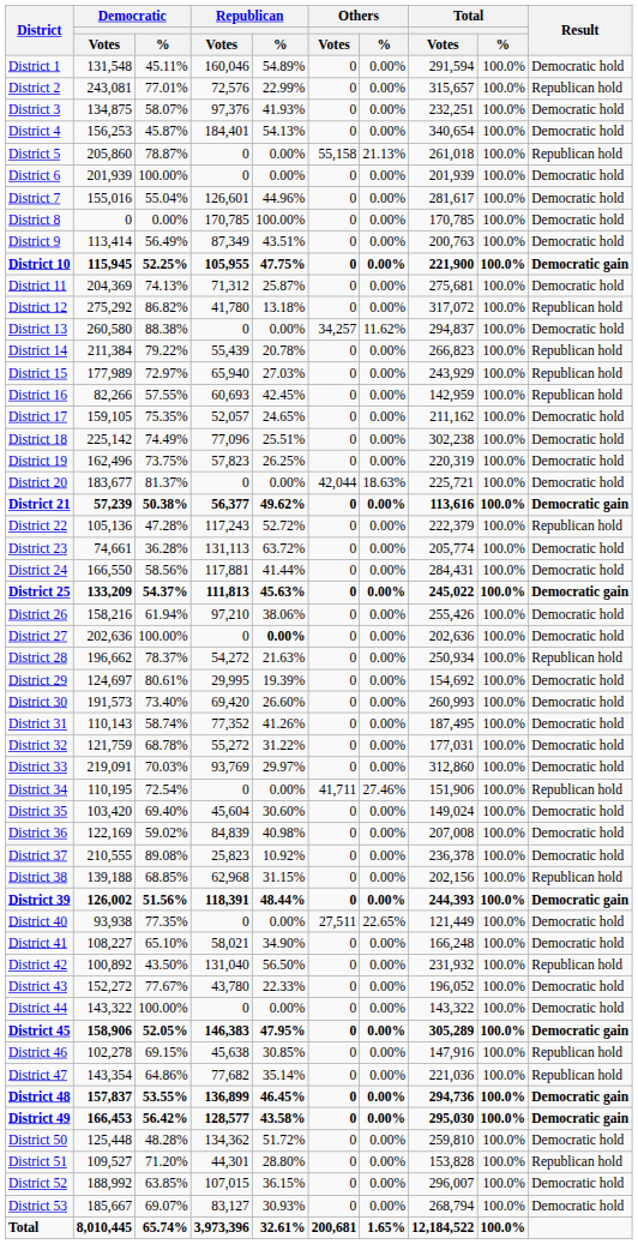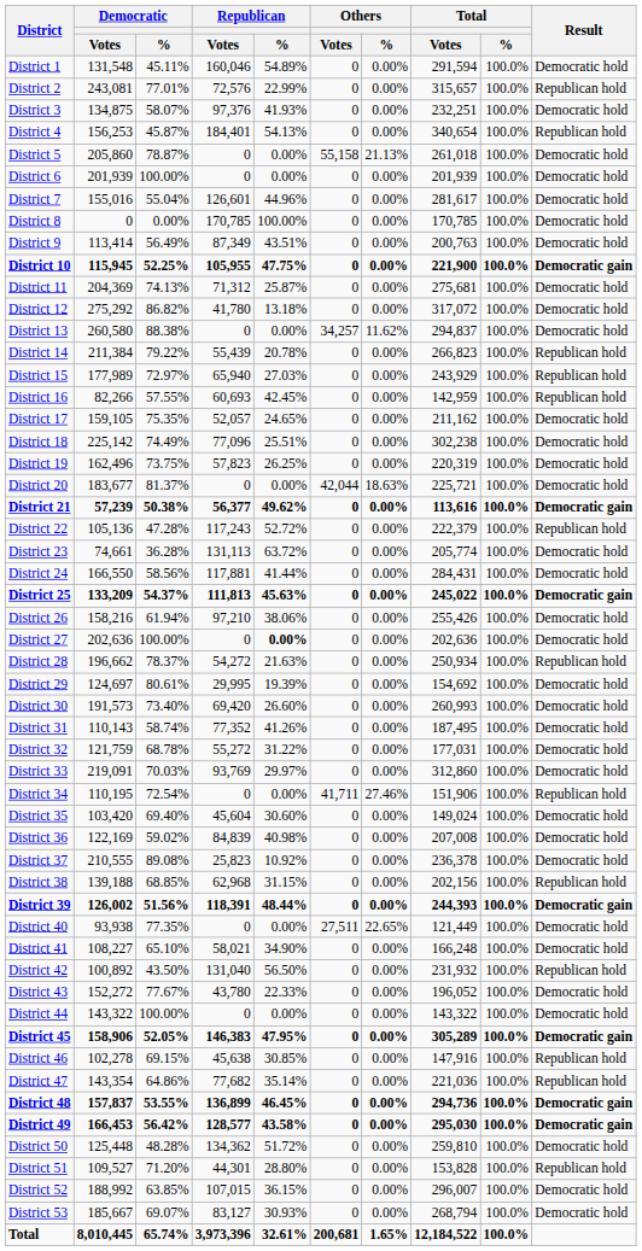 <table class="wikitable plainrowheaders sortable" style="font-size:100%; text-align:right;">
 <tr>
 <th scope=col rowspan=3><a href='#'>District</a></th>
 <th scope=col colspan=2><a href='#'>Democratic</a></th>
 <th scope=col colspan=2><a href='#'>Republican</a></th>
 <th scope=col colspan=2>Others</th>
 <th scope=col colspan=2>Total</th>
 <th scope=col rowspan=3>Result</th>
 </tr>
 <tr>
 <th scope=col colspan=2 style="background:"></th>
 <th scope=col colspan=2 style="background:"></th>
 <th ! scope=col colspan=2></th>
 <th scope=col colspan=2></th>
 </tr>
 <tr>
 <th scope=col data-sort-type="number">Votes</th>
 <th scope=col data-sort-type="number">%</th>
 <th scope=col data-sort-type="number">Votes</th>
 <th scope=col data-sort-type="number">%</th>
 <th scope=col data-sort-type="number">Votes</th>
 <th scope=col data-sort-type="number">%</th>
 <th scope=col data-sort-type="number">Votes</th>
 <th scope=col data-sort-type="number">%</th>
 </tr>
 <tr style="background-color:">
 <td style="text-align:left"><a href='#'>District 1</a></td>
 <td>131,548</td>
 <td>45.11%</td>
 <td>160,046</td>
 <td>54.89%</td>
 <td>0</td>
 <td>0.00%</td>
 <td>291,594</td>
 <td>100.0%</td>
 <td style="text-align:left">Democratic hold</td>
 </tr>
 <tr style="background-color:">
 <td style="text-align:left"><a href='#'>District 2</a></td>
 <td>243,081</td>
 <td>77.01%</td>
 <td>72,576</td>
 <td>22.99%</td>
 <td>0</td>
 <td>0.00%</td>
 <td>315,657</td>
 <td>100.0%</td>
 <td style="text-align:left">Republican hold</td>
 </tr>
 <tr style="background-color:">
 <td style="text-align:left"><a href='#'>District 3</a></td>
 <td>134,875</td>
 <td>58.07%</td>
 <td>97,376</td>
 <td>41.93%</td>
 <td>0</td>
 <td>0.00%</td>
 <td>232,251</td>
 <td>100.0%</td>
 <td style="text-align:left">Democratic hold</td>
 </tr>
 <tr style="background-color:">
 <td style="text-align:left"><a href='#'>District 4</a></td>
 <td>156,253</td>
 <td>45.87%</td>
 <td>184,401</td>
 <td>54.13%</td>
 <td>0</td>
 <td>0.00%</td>
 <td>340,654</td>
 <td>100.0%</td>
-<td style="text-align:left">Democratic hold</td>
+<td style="text-align:left">Republican hold</td>
 </tr>
 <tr style="background-color:">
 <td style="text-align:left"><a href='#'>District 5</a></td>
 <td>205,860</td>
 <td>78.87%</td>
 <td>0</td>
 <td>0.00%</td>
 <td>55,158</td>
 <td>21.13%</td>
 <td>261,018</td>
 <td>100.0%</td>
-<td style="text-align:left">Republican hold</td>
+<td style="text-align:left">Democratic hold</td>
 </tr>
 <tr style="background-color:">
 <td style="text-align:left"><a href='#'>District 6</a></td>
 <td>201,939</td>
 <td>100.00%</td>
 <td>0</td>
 <td>0.00%</td>
 <td>0</td>
 <td>0.00%</td>
 <td>201,939</td>
 <td>100.0%</td>
 <td style="text-align:left">Democratic hold</td>
 </tr>
 <tr style="background-color:">
 <td style="text-align:left"><a href='#'>District 7</a></td>
 <td>155,016</td>
 <td>55.04%</td>
 <td>126,601</td>
 <td>44.96%</td>
 <td>0</td>
 <td>0.00%</td>
 <td>281,617</td>
 <td>100.0%</td>
 <td style="text-align:left">Democratic hold</td>
 </tr>
 <tr style="background-color:">
 <td style="text-align:left"><a href='#'>District 8</a></td>
 <td>0</td>
 <td>0.00%</td>
 <td>170,785</td>
 <td>100.00%</td>
 <td>0</td>
 <td>0.00%</td>
 <td>170,785</td>
 <td>100.0%</td>
 <td style="text-align:left">Democratic hold</td>
 </tr>
 <tr style="background-color:">
 <td style="text-align:left"><a href='#'>District 9</a></td>
 <td>113,414</td>
 <td>56.49%</td>
 <td>87,349</td>
 <td>43.51%</td>
 <td>0</td>
 <td>0.00%</td>
 <td>200,763</td>
 <td>100.0%</td>
 <td style="text-align:left">Democratic hold</td>
 </tr>
 <tr style="background-color:">
 <td style="text-align:left"><strong><a href='#'>District 10</a></strong></td>
 <td><strong>115,945</strong></td>
 <td><strong>52.25%</strong></td>
 <td><strong>105,955</strong></td>
 <td><strong>47.75%</strong></td>
 <td><strong>0</strong></td>
 <td><strong>0.00%</strong></td>
 <td><strong>221,900</strong></td>
 <td><strong>100.0%</strong></td>
 <td style="text-align:left"><strong>Democratic gain</strong></td>
 </tr>
 <tr style="background-color:">
 <td style="text-align:left"><a href='#'>District 11</a></td>
 <td>204,369</td>
 <td>74.13%</td>
 <td>71,312</td>
 <td>25.87%</td>
 <td>0</td>
 <td>0.00%</td>
 <td>275,681</td>
 <td>100.0%</td>
 <td style="text-align:left">Democratic hold</td>
 </tr>
 <tr style="background-color:">
 <td style="text-align:left"><a href='#'>District 12</a></td>
 <td>275,292</td>
 <td>86.82%</td>
 <td>41,780</td>
 <td>13.18%</td>
 <td>0</td>
 <td>0.00%</td>
 <td>317,072</td>
 <td>100.0%</td>
-<td style="text-align:left">Republican hold</td>
+<td style="text-align:left">Democratic hold</td>
 </tr>
 <tr style="background-color:">
 <td style="text-align:left"><a href='#'>District 13</a></td>
 <td>260,580</td>
 <td>88.38%</td>
 <td>0</td>
 <td>0.00%</td>
 <td>34,257</td>
 <td>11.62%</td>
 <td>294,837</td>
 <td>100.0%</td>
 <td style="text-align:left">Democratic hold</td>
 </tr>
 <tr style="background-color:">
 <td style="text-align:left"><a href='#'>District 14</a></td>
 <td>211,384</td>
 <td>79.22%</td>
 <td>55,439</td>
 <td>20.78%</td>
 <td>0</td>
 <td>0.00%</td>
 <td>266,823</td>
 <td>100.0%</td>
 <td style="text-align:left">Republican hold</td>
 </tr>
 <tr style="background-color:">
 <td style="text-align:left"><a href='#'>District 15</a></td>
 <td>177,989</td>
 <td>72.97%</td>
 <td>65,940</td>
 <td>27.03%</td>
 <td>0</td>
 <td>0.00%</td>
 <td>243,929</td>
 <td>100.0%</td>
 <td style="text-align:left">Republican hold</td>
 </tr>
 <tr style="background-color:">
 <td style="text-align:left"><a href='#'>District 16</a></td>
 <td>82,266</td>
 <td>57.55%</td>
 <td>60,693</td>
 <td>42.45%</td>
 <td>0</td>
 <td>0.00%</td>
 <td>142,959</td>
 <td>100.0%</td>
 <td style="text-align:left">Republican hold</td>
 </tr>
 <tr style="background-color:">
 <td style="text-align:left"><a href='#'>District 17</a></td>
 <td>159,105</td>
 <td>75.35%</td>
 <td>52,057</td>
 <td>24.65%</td>
 <td>0</td>
 <td>0.00%</td>
 <td>211,162</td>
 <td>100.0%</td>
 <td style="text-align:left">Democratic hold</td>
 </tr>
 <tr style="background-color:">
 <td style="text-align:left"><a href='#'>District 18</a></td>
 <td>225,142</td>
 <td>74.49%</td>
 <td>77,096</td>
 <td>25.51%</td>
 <td>0</td>
 <td>0.00%</td>
 <td>302,238</td>
 <td>100.0%</td>
 <td style="text-align:left">Democratic hold</td>
 </tr>
 <tr style="background-color:">
 <td style="text-align:left"><a href='#'>District 19</a></td>
 <td>162,496</td>
 <td>73.75%</td>
 <td>57,823</td>
 <td>26.25%</td>
 <td>0</td>
 <td>0.00%</td>
 <td>220,319</td>
 <td>100.0%</td>
 <td style="text-align:left">Democratic hold</td>
 </tr>
 <tr style="background-color:">
 <td style="text-align:left"><a href='#'>District 20</a></td>
 <td>183,677</td>
 <td>81.37%</td>
 <td>0</td>
 <td>0.00%</td>
 <td>42,044</td>
 <td>18.63%</td>
 <td>225,721</td>
 <td>100.0%</td>
 <td style="text-align:left">Democratic hold</td>
 </tr>
 <tr style="background-color:">
 <td style="text-align:left"><strong><a href='#'>District 21</a></strong></td>
 <td><strong>57,239</strong></td>
 <td><strong>50.38%</strong></td>
 <td><strong>56,377</strong></td>
 <td><strong>49.62%</strong></td>
 <td><strong>0</strong></td>
 <td><strong>0.00%</strong></td>
 <td><strong>113,616</strong></td>
 <td><strong>100.0%</strong></td>
 <td style="text-align:left"><strong>Democratic gain</strong></td>
 </tr>
 <tr style="background-color:">
 <td style="text-align:left"><a href='#'>District 22</a></td>
 <td>105,136</td>
 <td>47.28%</td>
 <td>117,243</td>
 <td>52.72%</td>
 <td>0</td>
 <td>0.00%</td>
 <td>222,379</td>
 <td>100.0%</td>
 <td style="text-align:left">Republican hold</td>
 </tr>
 <tr style="background-color:">
 <td style="text-align:left"><a href='#'>District 23</a></td>
 <td>74,661</td>
 <td>36.28%</td>
 <td>131,113</td>
 <td>63.72%</td>
 <td>0</td>
 <td>0.00%</td>
 <td>205,774</td>
 <td>100.0%</td>
 <td style="text-align:left">Democratic hold</td>
 </tr>
 <tr style="background-color:">
 <td style="text-align:left"><a href='#'>District 24</a></td>
 <td>166,550</td>
 <td>58.56%</td>
 <td>117,881</td>
 <td>41.44%</td>
 <td>0</td>
 <td>0.00%</td>
 <td>284,431</td>
 <td>100.0%</td>
 <td style="text-align:left">Democratic hold</td>
 </tr>
 <tr style="background-color:">
 <td style="text-align:left"><strong><a href='#'>District 25</a></strong></td>
 <td><strong>133,209</strong></td>
 <td><strong>54.37%</strong></td>
 <td><strong>111,813</strong></td>
 <td><strong>45.63%</strong></td>
 <td><strong>0</strong></td>
 <td><strong>0.00%</strong></td>
 <td><strong>245,022</strong></td>
 <td><strong>100.0%</strong></td>
 <td style="text-align:left"><strong>Democratic gain</strong></td>
 </tr>
 <tr style="background-color:">
 <td style="text-align:left"><a href='#'>District 26</a></td>
 <td>158,216</td>
 <td>61.94%</td>
 <td>97,210</td>
 <td>38.06%</td>
 <td>0</td>
 <td>0.00%</td>
 <td>255,426</td>
 <td>100.0%</td>
 <td style="text-align:left">Democratic hold</td>
 </tr>
 <tr style="background-color:">
 <td style="text-align:left"><a href='#'>District 27</a></td>
 <td>202,636</td>
 <td>100.00%</td>
 <td>0</td>
 <td><strong>0.00%</strong></td>
 <td>0</td>
 <td>0.00%</td>
 <td>202,636</td>
 <td>100.0%</td>
 <td style="text-align:left">Democratic hold</td>
 </tr>
 <tr style="background-color:">
 <td style="text-align:left"><a href='#'>District 28</a></td>
 <td>196,662</td>
 <td>78.37%</td>
 <td>54,272</td>
 <td>21.63%</td>
 <td>0</td>
 <td>0.00%</td>
 <td>250,934</td>
 <td>100.0%</td>
 <td style="text-align:left">Republican hold</td>
 </tr>
 <tr style="background-color:">
 <td style="text-align:left"><a href='#'>District 29</a></td>
 <td>124,697</td>
 <td>80.61%</td>
 <td>29,995</td>
 <td>19.39%</td>
 <td>0</td>
 <td>0.00%</td>
 <td>154,692</td>
 <td>100.0%</td>
 <td style="text-align:left">Democratic hold</td>
 </tr>
 <tr style="background-color:">
 <td style="text-align:left"><a href='#'>District 30</a></td>
 <td>191,573</td>
 <td>73.40%</td>
 <td>69,420</td>
 <td>26.60%</td>
 <td>0</td>
 <td>0.00%</td>
 <td>260,993</td>
 <td>100.0%</td>
 <td style="text-align:left">Democratic hold</td>
 </tr>
 <tr style="background-color:">
 <td style="text-align:left"><a href='#'>District 31</a></td>
 <td>110,143</td>
 <td>58.74%</td>
 <td>77,352</td>
 <td>41.26%</td>
 <td>0</td>
 <td>0.00%</td>
 <td>187,495</td>
 <td>100.0%</td>
 <td style="text-align:left">Democratic hold</td>
 </tr>
 <tr style="background-color:">
 <td style="text-align:left"><a href='#'>District 32</a></td>
 <td>121,759</td>
 <td>68.78%</td>
 <td>55,272</td>
 <td>31.22%</td>
 <td>0</td>
 <td>0.00%</td>
 <td>177,031</td>
 <td>100.0%</td>
 <td style="text-align:left">Democratic hold</td>
 </tr>
 <tr style="background-color:">
 <td style="text-align:left"><a href='#'>District 33</a></td>
 <td>219,091</td>
 <td>70.03%</td>
 <td>93,769</td>
 <td>29.97%</td>
 <td>0</td>
 <td>0.00%</td>
 <td>312,860</td>
 <td>100.0%</td>
 <td style="text-align:left">Democratic hold</td>
 </tr>
 <tr style="background-color:">
 <td style="text-align:left"><a href='#'>District 34</a></td>
 <td>110,195</td>
 <td>72.54%</td>
 <td>0</td>
 <td>0.00%</td>
 <td>41,711</td>
 <td>27.46%</td>
 <td>151,906</td>
 <td>100.0%</td>
 <td style="text-align:left">Republican hold</td>
 </tr>
 <tr style="background-color:">
 <td style="text-align:left"><a href='#'>District 35</a></td>
 <td>103,420</td>
 <td>69.40%</td>
 <td>45,604</td>
 <td>30.60%</td>
 <td>0</td>
 <td>0.00%</td>
 <td>149,024</td>
 <td>100.0%</td>
 <td style="text-align:left">Democratic hold</td>
 </tr>
 <tr style="background-color:">
 <td style="text-align:left"><a href='#'>District 36</a></td>
 <td>122,169</td>
 <td>59.02%</td>
 <td>84,839</td>
 <td>40.98%</td>
 <td>0</td>
 <td>0.00%</td>
 <td>207,008</td>
 <td>100.0%</td>
 <td style="text-align:left">Democratic hold</td>
 </tr>
 <tr style="background-color:">
 <td style="text-align:left"><a href='#'>District 37</a></td>
 <td>210,555</td>
 <td>89.08%</td>
 <td>25,823</td>
 <td>10.92%</td>
 <td>0</td>
 <td>0.00%</td>
 <td>236,378</td>
 <td>100.0%</td>
 <td style="text-align:left">Democratic hold</td>
 </tr>
 <tr style="background-color:">
 <td style="text-align:left"><a href='#'>District 38</a></td>
 <td>139,188</td>
 <td>68.85%</td>
 <td>62,968</td>
 <td>31.15%</td>
 <td>0</td>
 <td>0.00%</td>
 <td>202,156</td>
 <td>100.0%</td>
 <td style="text-align:left">Republican hold</td>
 </tr>
 <tr style="background-color:">
 <td style="text-align:left"><strong><a href='#'>District 39</a></strong></td>
 <td><strong>126,002</strong></td>
 <td><strong>51.56%</strong></td>
 <td><strong>118,391</strong></td>
 <td><strong>48.44%</strong></td>
 <td><strong>0</strong></td>
 <td><strong>0.00%</strong></td>
 <td><strong>244,393</strong></td>
 <td><strong>100.0%</strong></td>
 <td style="text-align:left"><strong>Democratic gain</strong></td>
 </tr>
 <tr style="background-color:">
 <td style="text-align:left"><a href='#'>District 40</a></td>
 <td>93,938</td>
 <td>77.35%</td>
 <td>0</td>
 <td>0.00%</td>
 <td>27,511</td>
 <td>22.65%</td>
 <td>121,449</td>
 <td>100.0%</td>
 <td style="text-align:left">Democratic hold</td>
 </tr>
 <tr style="background-color:">
 <td style="text-align:left"><a href='#'>District 41</a></td>
 <td>108,227</td>
 <td>65.10%</td>
 <td>58,021</td>
 <td>34.90%</td>
 <td>0</td>
 <td>0.00%</td>
 <td>166,248</td>
 <td>100.0%</td>
 <td style="text-align:left">Democratic hold</td>
 </tr>
 <tr style="background-color:">
 <td style="text-align:left"><a href='#'>District 42</a></td>
 <td>100,892</td>
 <td>43.50%</td>
 <td>131,040</td>
 <td>56.50%</td>
 <td>0</td>
 <td>0.00%</td>
 <td>231,932</td>
 <td>100.0%</td>
 <td style="text-align:left">Republican hold</td>
 </tr>
 <tr style="background-color:">
 <td style="text-align:left"><a href='#'>District 43</a></td>
 <td>152,272</td>
 <td>77.67%</td>
 <td>43,780</td>
 <td>22.33%</td>
 <td>0</td>
 <td>0.00%</td>
 <td>196,052</td>
 <td>100.0%</td>
 <td style="text-align:left">Democratic hold</td>
 </tr>
 <tr style="background-color:">
 <td style="text-align:left"><a href='#'>District 44</a></td>
 <td>143,322</td>
 <td>100.00%</td>
 <td>0</td>
 <td>0.00%</td>
 <td>0</td>
 <td>0.00%</td>
 <td>143,322</td>
 <td>100.0%</td>
 <td style="text-align:left">Democratic hold</td>
 </tr>
 <tr style="background-color:">
 <td style="text-align:left"><strong><a href='#'>District 45</a></strong></td>
 <td><strong>158,906</strong></td>
 <td><strong>52.05%</strong></td>
 <td><strong>146,383</strong></td>
 <td><strong>47.95%</strong></td>
 <td><strong>0</strong></td>
 <td><strong>0.00%</strong></td>
 <td><strong>305,289</strong></td>
 <td><strong>100.0%</strong></td>
 <td style="text-align:left"><strong>Democratic gain</strong></td>
 </tr>
 <tr style="background-color:">
 <td style="text-align:left"><a href='#'>District 46</a></td>
 <td>102,278</td>
 <td>69.15%</td>
 <td>45,638</td>
 <td>30.85%</td>
 <td>0</td>
 <td>0.00%</td>
 <td>147,916</td>
 <td>100.0%</td>
 <td style="text-align:left">Republican hold</td>
 </tr>
 <tr style="background-color:">
 <td style="text-align:left"><a href='#'>District 47</a></td>
 <td>143,354</td>
 <td>64.86%</td>
 <td>77,682</td>
 <td>35.14%</td>
 <td>0</td>
 <td>0.00%</td>
 <td>221,036</td>
 <td>100.0%</td>
 <td style="text-align:left">Republican hold</td>
 </tr>
 <tr style="background-color:">
 <td style="text-align:left"><strong><a href='#'>District 48</a></strong></td>
 <td><strong>157,837</strong></td>
 <td><strong>53.55%</strong></td>
 <td><strong>136,899</strong></td>
 <td><strong>46.45%</strong></td>
 <td><strong>0</strong></td>
 <td><strong>0.00%</strong></td>
 <td><strong>294,736</strong></td>
 <td><strong>100.0%</strong></td>
 <td style="text-align:left"><strong>Democratic gain</strong></td>
 </tr>
 <tr style="background-color:">
 <td style="text-align:left"><strong><a href='#'>District 49</a></strong></td>
 <td><strong>166,453</strong></td>
 <td><strong>56.42%</strong></td>
 <td><strong>128,577</strong></td>
 <td><strong>43.58%</strong></td>
 <td><strong>0</strong></td>
 <td><strong>0.00%</strong></td>
 <td><strong>295,030</strong></td>
 <td><strong>100.0%</strong></td>
 <td style="text-align:left"><strong>Democratic gain</strong></td>
 </tr>
 <tr style="background-color:">
 <td style="text-align:left"><a href='#'>District 50</a></td>
 <td>125,448</td>
 <td>48.28%</td>
 <td>134,362</td>
 <td>51.72%</td>
 <td>0</td>
 <td>0.00%</td>
 <td>259,810</td>
 <td>100.0%</td>
 <td style="text-align:left">Democratic hold</td>
 </tr>
 <tr style="background-color:">
 <td style="text-align:left"><a href='#'>District 51</a></td>
 <td>109,527</td>
 <td>71.20%</td>
 <td>44,301</td>
 <td>28.80%</td>
 <td>0</td>
 <td>0.00%</td>
 <td>153,828</td>
 <td>100.0%</td>
 <td style="text-align:left">Republican hold</td>
 </tr>
 <tr style="background-color:">
 <td style="text-align:left"><a href='#'>District 52</a></td>
 <td>188,992</td>
 <td>63.85%</td>
 <td>107,015</td>
 <td>36.15%</td>
 <td>0</td>
 <td>0.00%</td>
 <td>296,007</td>
 <td>100.0%</td>
 <td style="text-align:left">Democratic hold</td>
 </tr>
 <tr style="background-color:">
 <td style="text-align:left"><a href='#'>District 53</a></td>
 <td>185,667</td>
 <td>69.07%</td>
 <td>83,127</td>
 <td>30.93%</td>
 <td>0</td>
 <td>0.00%</td>
 <td>268,794</td>
 <td>100.0%</td>
 <td style="text-align:left">Democratic hold</td>
 </tr>
 <tr class="sortbottom" style="font-weight:bold">
 <td style="text-align:left">Total</td>
 <td>8,010,445</td>
 <td>65.74%</td>
 <td>3,973,396</td>
 <td>32.61%</td>
 <td>200,681</td>
 <td>1.65%</td>
 <td>12,184,522</td>
 <td>100.0%</td>
 <td></td>
 </tr>
 </table>
